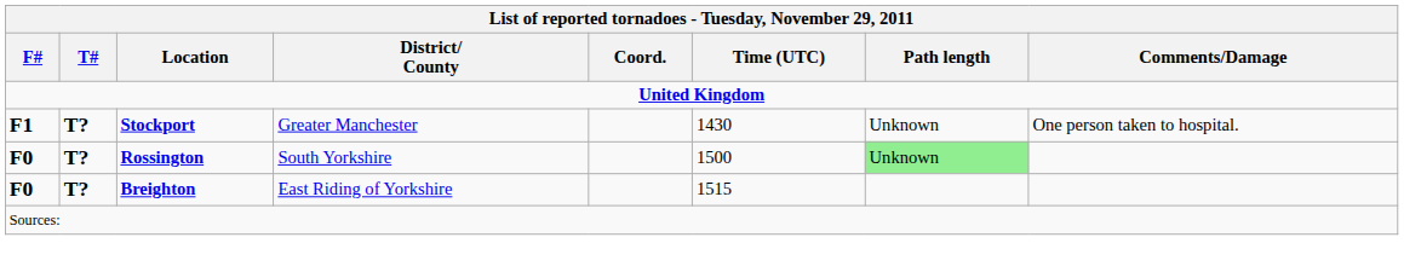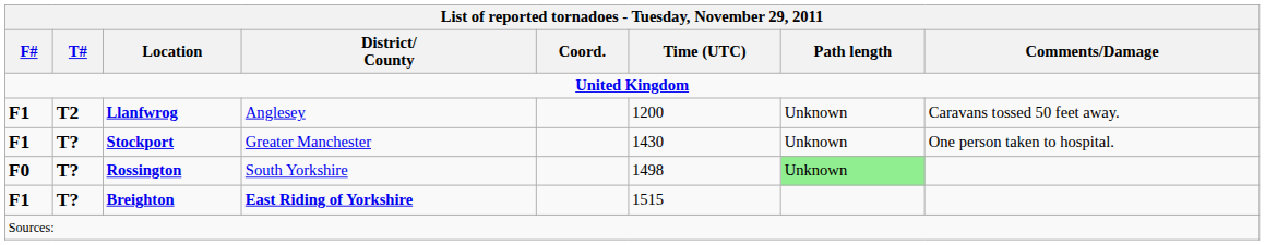 <table class="wikitable collapsible" width="100%">
 <tr>
 <th colspan="8">List of reported tornadoes - Tuesday, November 29, 2011</th>
 </tr>
 <tr>
 <th><a href='#'>F#</a></th>
 <th><a href='#'>T#</a></th>
 <th>Location</th>
 <th>District/<br>County</th>
 <th>Coord.</th>
 <th>Time (UTC)</th>
 <th>Path length</th>
 <th>Comments/Damage</th>
 </tr>
 <tr>
 <td colspan="8" align=center><strong><a href='#'>United Kingdom</a></strong></td>
 </tr>
 <tr>
 <td><big><strong>F1</strong></big></td>
+<td><big><strong>T2</strong></big></td>
+<td><strong><a href='#'>Llanfwrog</a></strong></td>
+<td><a href='#'>Anglesey</a></td>
+<td></td>
+<td>1200</td>
+<td>Unknown</td>
+<td>Caravans tossed 50 feet away.</td>
+</tr>
+<tr>
+<td><big><strong>F1</strong></big></td>
 <td><big><strong>T?</strong></big></td>
 <td><strong><a href='#'>Stockport</a></strong></td>
 <td><a href='#'>Greater Manchester</a></td>
 <td></td>
 <td>1430</td>
 <td>Unknown</td>
 <td>One person taken to hospital.</td>
 </tr>
 <tr>
 <td><big><strong>F0</strong></big></td>
 <td><big><strong>T?</strong></big></td>
 <td><strong><a href='#'>Rossington</a></strong></td>
 <td><a href='#'>South Yorkshire</a></td>
 <td></td>
-<td>1500</td>
+<td>1498</td>
 <td style="background: lightgreen;">Unknown</td>
 <td></td>
 </tr>
 <tr>
-<td><big><strong>F0</strong></big></td>
+<td><big><strong>F1</strong></big></td>
 <td><big><strong>T?</strong></big></td>
 <td><strong><a href='#'>Breighton</a></strong></td>
-<td><a href='#'>East Riding of Yorkshire</a></td>
+<td><strong><a href='#'>East Riding of Yorkshire</a></strong></td>
 <td></td>
 <td>1515</td>
 <td></td>
 <td></td>
 </tr>
 <tr>
 <td colspan="8"><small>Sources:  </small></td>
 </tr>
 </table>
